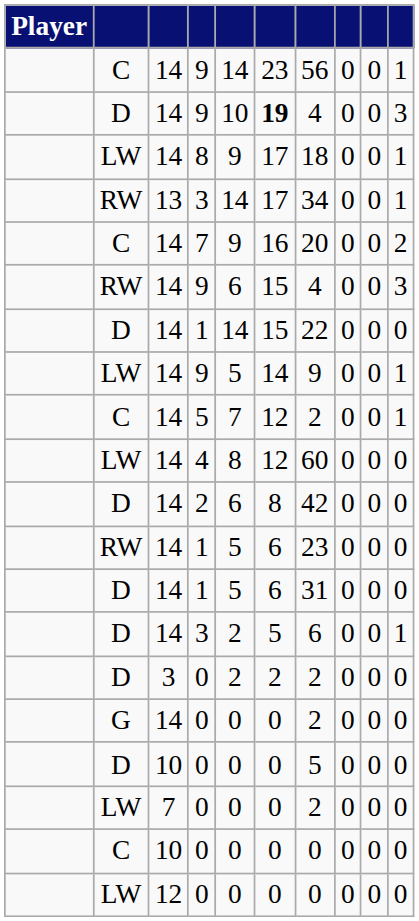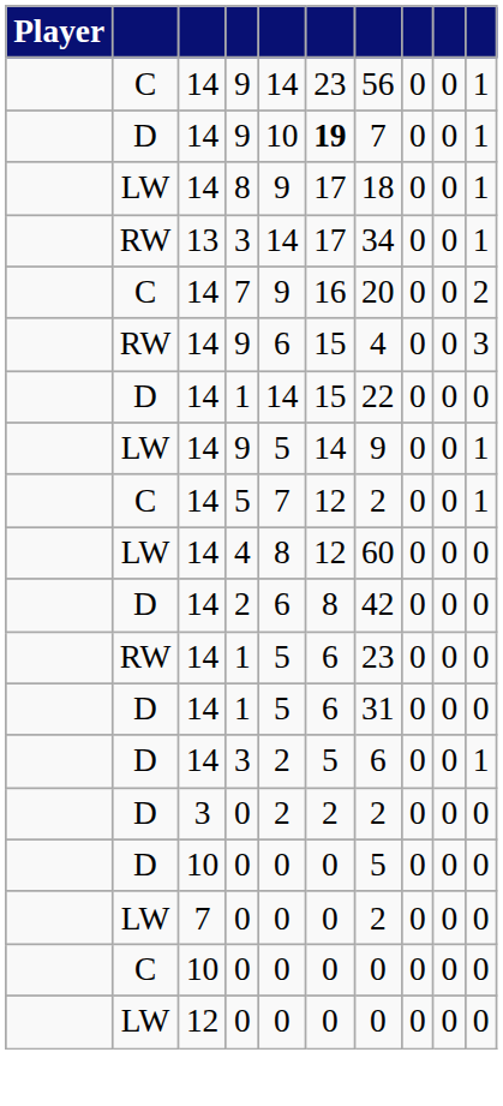 <table class="wikitable sortable">
 <tr align=center>
 <th style="color:white; background:#081073; ">Player</th>
 <th style="color:white; background:#081073; "></th>
 <th style="color:white; background:#081073; "></th>
 <th style="color:white;background:#081073; "></th>
 <th style="color:white;background:#081073; "></th>
 <th style="color:white;background:#081073; "></th>
 <th style="color:white;background:#081073; "></th>
 <th style="color:white;background:#081073; "></th>
 <th style="color:white;background:#081073; "></th>
 <th style="color:white;background:#081073; "></th>
 </tr>
 <tr align="center">
 <td align="right"></td>
 <td>C</td>
 <td>14</td>
 <td>9</td>
 <td>14</td>
 <td>23</td>
 <td>56</td>
 <td>0</td>
 <td>0</td>
 <td>1</td>
 </tr>
 <tr align="center">
 <td align="right"></td>
 <td>D</td>
 <td>14</td>
 <td>9</td>
 <td>10</td>
 <td><strong>19</strong></td>
-<td>4</td>
+<td>7</td>
 <td>0</td>
 <td>0</td>
-<td>3</td>
+<td>1</td>
 </tr>
 <tr align="center">
 <td align="right"></td>
 <td>LW</td>
 <td>14</td>
 <td>8</td>
 <td>9</td>
 <td>17</td>
 <td>18</td>
 <td>0</td>
 <td>0</td>
 <td>1</td>
 </tr>
 <tr align="center">
 <td align="right"></td>
 <td>RW</td>
 <td>13</td>
 <td>3</td>
 <td>14</td>
 <td>17</td>
 <td>34</td>
 <td>0</td>
 <td>0</td>
 <td>1</td>
 </tr>
 <tr align="center">
 <td align="right"></td>
 <td>C</td>
 <td>14</td>
 <td>7</td>
 <td>9</td>
 <td>16</td>
 <td>20</td>
 <td>0</td>
 <td>0</td>
 <td>2</td>
 </tr>
 <tr align="center">
 <td align="right"></td>
 <td>RW</td>
 <td>14</td>
 <td>9</td>
 <td>6</td>
 <td>15</td>
 <td>4</td>
 <td>0</td>
 <td>0</td>
 <td>3</td>
 </tr>
 <tr align="center">
 <td align="right"></td>
 <td>D</td>
 <td>14</td>
 <td>1</td>
 <td>14</td>
 <td>15</td>
 <td>22</td>
 <td>0</td>
 <td>0</td>
 <td>0</td>
 </tr>
 <tr align="center">
 <td align="right"></td>
 <td>LW</td>
 <td>14</td>
 <td>9</td>
 <td>5</td>
 <td>14</td>
 <td>9</td>
 <td>0</td>
 <td>0</td>
 <td>1</td>
 </tr>
 <tr align="center">
 <td align="right"></td>
 <td>C</td>
 <td>14</td>
 <td>5</td>
 <td>7</td>
 <td>12</td>
 <td>2</td>
 <td>0</td>
 <td>0</td>
 <td>1</td>
 </tr>
 <tr align="center">
 <td align="right"></td>
 <td>LW</td>
 <td>14</td>
 <td>4</td>
 <td>8</td>
 <td>12</td>
 <td>60</td>
 <td>0</td>
 <td>0</td>
 <td>0</td>
 </tr>
 <tr align="center">
 <td align="right"></td>
 <td>D</td>
 <td>14</td>
 <td>2</td>
 <td>6</td>
 <td>8</td>
 <td>42</td>
 <td>0</td>
 <td>0</td>
 <td>0</td>
 </tr>
 <tr align="center">
 <td align="right"></td>
 <td>RW</td>
 <td>14</td>
 <td>1</td>
 <td>5</td>
 <td>6</td>
 <td>23</td>
 <td>0</td>
 <td>0</td>
 <td>0</td>
 </tr>
 <tr align="center">
 <td align="right"></td>
 <td>D</td>
 <td>14</td>
 <td>1</td>
 <td>5</td>
 <td>6</td>
 <td>31</td>
 <td>0</td>
 <td>0</td>
 <td>0</td>
 </tr>
 <tr align="center">
 <td align="right"></td>
 <td>D</td>
 <td>14</td>
 <td>3</td>
 <td>2</td>
 <td>5</td>
 <td>6</td>
 <td>0</td>
 <td>0</td>
 <td>1</td>
 </tr>
 <tr align="center">
 <td align="right"></td>
 <td>D</td>
 <td>3</td>
 <td>0</td>
 <td>2</td>
 <td>2</td>
 <td>2</td>
 <td>0</td>
 <td>0</td>
 <td>0</td>
 </tr>
 <tr align="center">
 <td align="right"></td>
-<td>G</td>
-<td>14</td>
-<td>0</td>
-<td>0</td>
-<td>0</td>
-<td>2</td>
-<td>0</td>
-<td>0</td>
-<td>0</td>
-</tr>
-<tr align="center">
-<td align="right"></td>
 <td>D</td>
 <td>10</td>
 <td>0</td>
 <td>0</td>
 <td>0</td>
 <td>5</td>
 <td>0</td>
 <td>0</td>
 <td>0</td>
 </tr>
 <tr align="center">
 <td align="right"></td>
 <td>LW</td>
 <td>7</td>
 <td>0</td>
 <td>0</td>
 <td>0</td>
 <td>2</td>
 <td>0</td>
 <td>0</td>
 <td>0</td>
 </tr>
 <tr align="center">
 <td align="right"></td>
 <td>C</td>
 <td>10</td>
 <td>0</td>
 <td>0</td>
 <td>0</td>
 <td>0</td>
 <td>0</td>
 <td>0</td>
 <td>0</td>
 </tr>
 <tr align="center">
 <td align="right"></td>
 <td>LW</td>
 <td>12</td>
 <td>0</td>
 <td>0</td>
 <td>0</td>
 <td>0</td>
 <td>0</td>
 <td>0</td>
 <td>0</td>
 </tr>
 </table>
